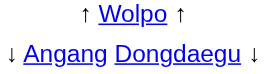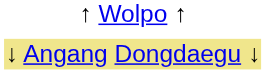 <table>
 <tr>
 <td style="text-align:center;">↑ <a href='#'>Wolpo</a>  ↑</td>
 </tr>
 <tr>
 <td style="text-align:center;">       </td>
 </tr>
 <tr>
-<td style="text-align:center;">↓ <a href='#'>Angang</a>  <a href='#'>Dongdaegu</a> ↓</td>
+<td style="background: khaki; text-align:center;">↓ <a href='#'>Angang</a>  <a href='#'>Dongdaegu</a> ↓</td>
 </tr>
 </table>
